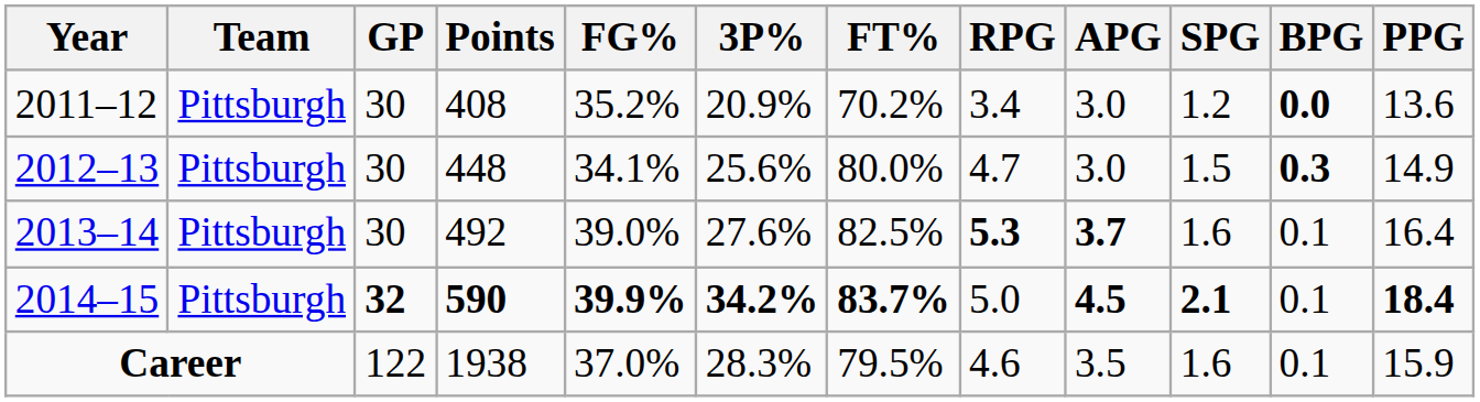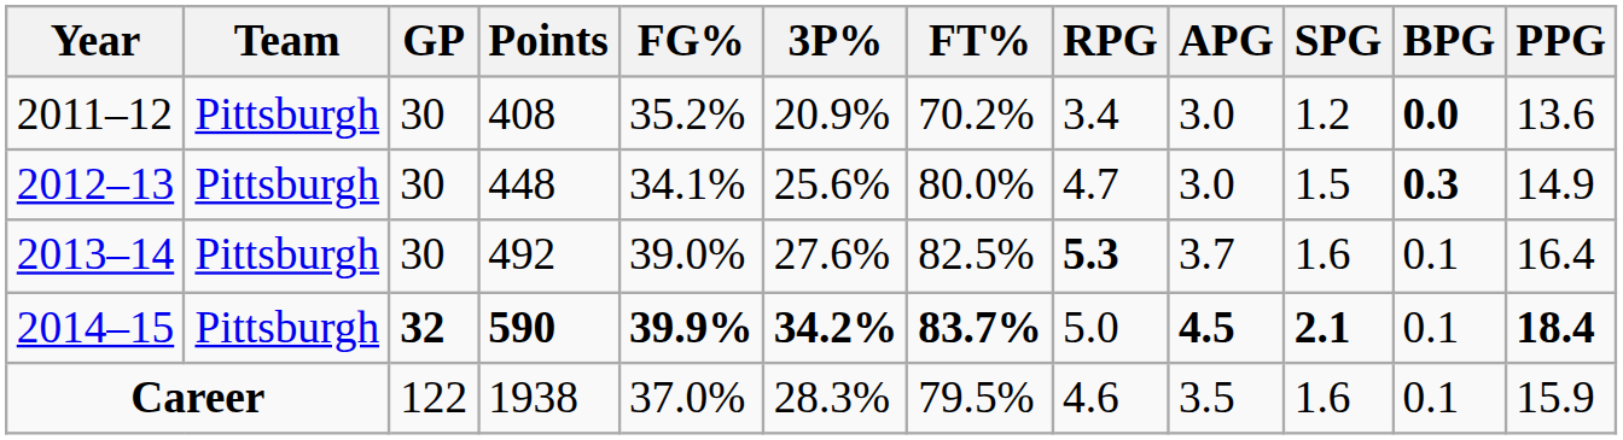 <table class="wikitable sortable">
 <tr>
 <th>Year</th>
 <th>Team</th>
 <th>GP</th>
 <th>Points</th>
 <th>FG%</th>
 <th>3P%</th>
 <th>FT%</th>
 <th>RPG</th>
 <th>APG</th>
 <th>SPG</th>
 <th>BPG</th>
 <th>PPG</th>
 </tr>
 <tr>
 <td>2011–12</td>
 <td><a href='#'>Pittsburgh</a></td>
 <td>30</td>
 <td>408</td>
 <td>35.2%</td>
 <td>20.9%</td>
 <td>70.2%</td>
 <td>3.4</td>
 <td>3.0</td>
 <td>1.2</td>
 <td><strong>0.0</strong></td>
 <td>13.6</td>
 </tr>
 <tr>
 <td><a href='#'>2012–13</a></td>
 <td><a href='#'>Pittsburgh</a></td>
 <td>30</td>
 <td>448</td>
 <td>34.1%</td>
 <td>25.6%</td>
 <td>80.0%</td>
 <td>4.7</td>
 <td>3.0</td>
 <td>1.5</td>
 <td><strong>0.3</strong></td>
 <td>14.9</td>
 </tr>
 <tr>
 <td><a href='#'>2013–14</a></td>
 <td><a href='#'>Pittsburgh</a></td>
 <td>30</td>
 <td>492</td>
 <td>39.0%</td>
 <td>27.6%</td>
 <td>82.5%</td>
 <td><strong>5.3</strong></td>
-<td><strong>3.7</strong></td>
+<td>3.7</td>
 <td>1.6</td>
 <td>0.1</td>
 <td>16.4</td>
 </tr>
 <tr>
 <td><a href='#'>2014–15</a></td>
 <td><a href='#'>Pittsburgh</a></td>
 <td><strong>32</strong></td>
 <td><strong>590</strong></td>
 <td><strong>39.9%</strong></td>
 <td><strong>34.2%</strong></td>
 <td><strong>83.7%</strong></td>
 <td>5.0</td>
 <td><strong>4.5</strong></td>
 <td><strong>2.1</strong></td>
 <td>0.1</td>
 <td><strong>18.4</strong></td>
 </tr>
 <tr>
 <td align=center colspan=2><strong>Career</strong></td>
 <td>122</td>
 <td>1938</td>
 <td>37.0%</td>
 <td>28.3%</td>
 <td>79.5%</td>
 <td>4.6</td>
 <td>3.5</td>
 <td>1.6</td>
 <td>0.1</td>
 <td>15.9</td>
 </tr>
 </table>
